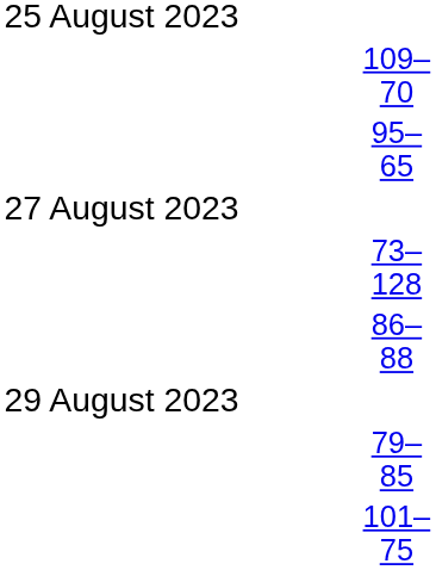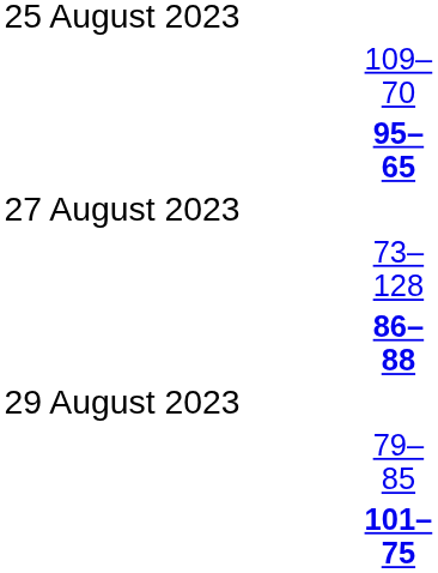 <table style="width:100%;" cellspacing="1">
 <tr>
 <th width=25%></th>
 <th width=2%></th>
 <th width=6%></th>
 <th width=2%></th>
 <th width=25%></th>
 </tr>
 <tr>
 <td>25 August 2023</td>
 </tr>
 <tr style=font-size:90%>
 <td align=right></td>
 <td></td>
 <td align=center><a href='#'>109–70</a></td>
 <td></td>
 <td></td>
 <td></td>
 </tr>
 <tr style=font-size:90%>
 <td align=right></td>
 <td></td>
-<td align=center><a href='#'>95–65</a></td>
+<td align=center><strong><a href='#'>95–65</a></strong></td>
 <td></td>
 <td></td>
 <td></td>
 </tr>
 <tr>
 <td>27 August 2023</td>
 </tr>
 <tr style=font-size:90%>
 <td align=right></td>
 <td></td>
 <td align=center><a href='#'>73–128</a></td>
 <td></td>
 <td></td>
 <td></td>
 </tr>
 <tr style=font-size:90%>
 <td align=right></td>
 <td></td>
-<td align=center><a href='#'>86–88</a></td>
+<td align=center><strong><a href='#'>86–88</a></strong></td>
 <td></td>
 <td></td>
 <td></td>
 </tr>
 <tr>
 <td>29 August 2023</td>
 </tr>
 <tr style=font-size:90%>
 <td align=right></td>
 <td></td>
 <td align=center><a href='#'>79–85</a></td>
 <td></td>
 <td></td>
 <td></td>
 </tr>
 <tr style=font-size:90%>
 <td align=right></td>
 <td></td>
-<td align=center><a href='#'>101–75</a></td>
+<td align=center><strong><a href='#'>101–75</a></strong></td>
 <td></td>
 <td></td>
 <td></td>
 </tr>
 </table>
